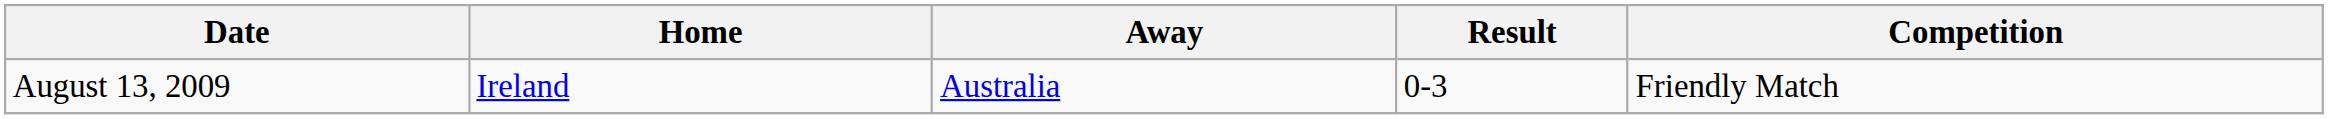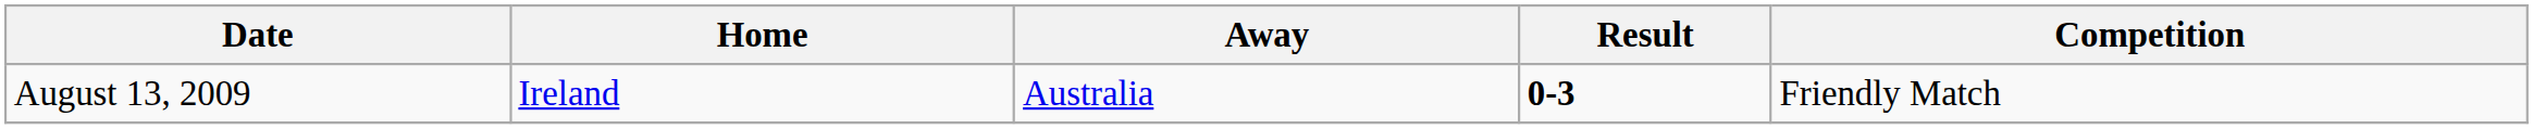 <table class="wikitable" style="text-align:center; font-size:95%;width:85%; text-align:left">
 <tr>
 <th width=20%>Date</th>
 <th width=20%>Home</th>
 <th width=20%>Away</th>
 <th width=10%>Result</th>
 <th width=50%>Competition</th>
 </tr>
 <tr>
 <td>August 13, 2009</td>
 <td> <a href='#'>Ireland</a></td>
 <td> <a href='#'>Australia</a></td>
-<td>0-3</td>
+<td><strong>0-3</strong></td>
 <td>Friendly Match</td>
 </tr>
 <tr>
 </tr>
 </table>
